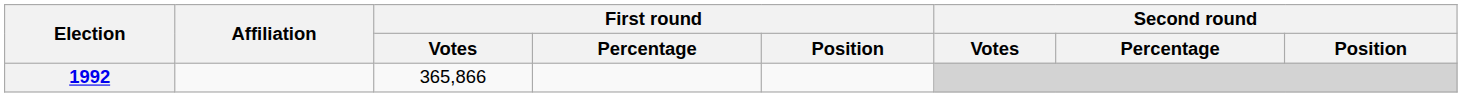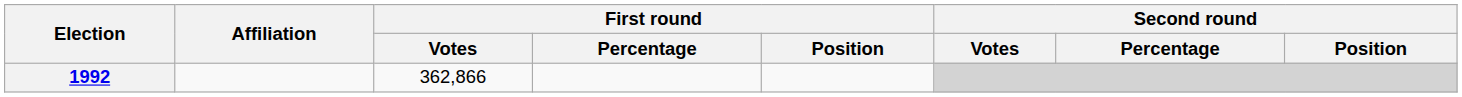 <table class=wikitable width=100%>
 <tr>
 <th rowspan=2>Election</th>
 <th rowspan=2>Affiliation</th>
 <th colspan=3>First round</th>
 <th colspan=3>Second round</th>
 </tr>
 <tr>
 <th>Votes</th>
 <th>Percentage</th>
 <th>Position</th>
 <th>Votes</th>
 <th>Percentage</th>
 <th>Position</th>
 </tr>
 <tr align=center>
 <th><a href='#'>1992</a></th>
 <td></td>
-<td>365,866</td>
+<td>362,866</td>
 <td></td>
 <td></td>
 <td bgcolor=lightgrey colspan=3></td>
 </tr>
 </table>
